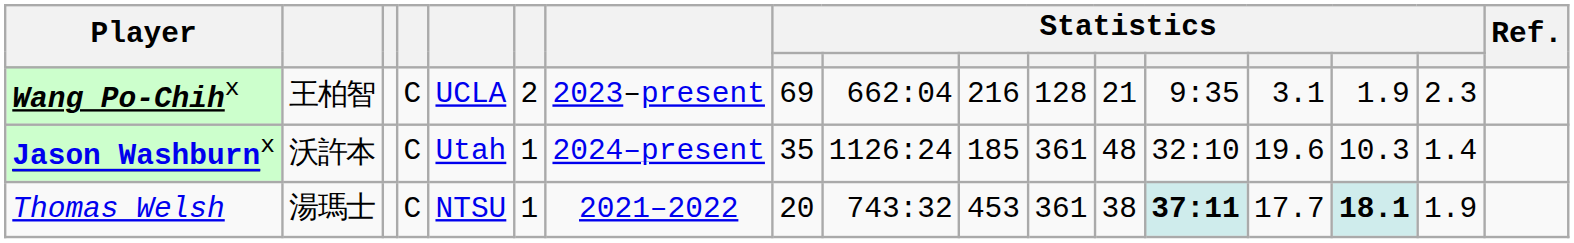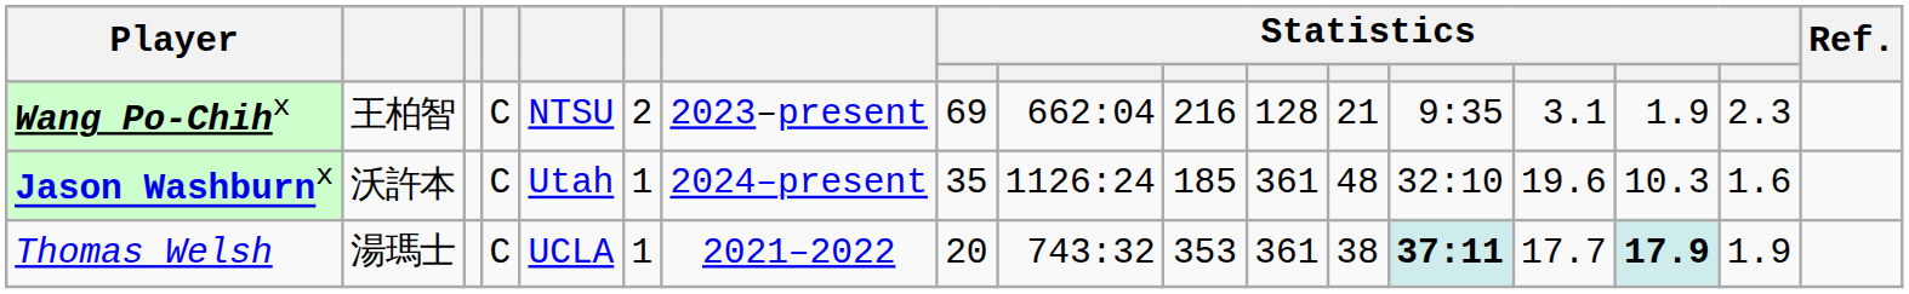 <table class="wikitable sortable" style="font-size:95%; text-align:right;">
 <tr>
 <th rowspan="2">Player</th>
 <th rowspan="2"></th>
 <th rowspan="2"></th>
 <th rowspan="2"></th>
 <th rowspan="2"></th>
 <th rowspan="2"></th>
 <th rowspan="2"></th>
 <th colspan="9">Statistics</th>
 <th rowspan="2">Ref.</th>
 </tr>
 <tr>
 <th></th>
 <th></th>
 <th></th>
 <th></th>
 <th></th>
 <th></th>
 <th></th>
 <th></th>
 <th></th>
 </tr>
 <tr>
 <td align="left" bgcolor="#CCFFCC"><u><strong><em>Wang Po-Chih</em></strong></u><sup>x</sup></td>
 <td align="left">王柏智</td>
 <td align="center"></td>
 <td align="center">C</td>
-<td align="left"><a href='#'>UCLA</a></td>
+<td align="left"><a href='#'>NTSU</a></td>
 <td align="center">2</td>
 <td align="center"><a href='#'>2023</a>–<a href='#'>present</a></td>
 <td>69</td>
 <td>662:04</td>
 <td>216</td>
 <td>128</td>
 <td>21</td>
 <td>9:35</td>
 <td>3.1</td>
 <td>1.9</td>
 <td>2.3</td>
 <td align="center"></td>
 </tr>
 <tr>
 <td align="left" bgcolor="#CCFFCC"><u><strong><a href='#'>Jason Washburn</a></strong></u><sup>x</sup></td>
 <td align="left">沃許本</td>
 <td align="center"></td>
 <td align="center">C</td>
 <td align="left"><a href='#'>Utah</a></td>
 <td align="center">1</td>
 <td align="center"><a href='#'>2024–present</a></td>
 <td>35</td>
 <td>1126:24</td>
 <td>185</td>
 <td>361</td>
 <td>48</td>
 <td>32:10</td>
 <td>19.6</td>
 <td>10.3</td>
-<td>1.4</td>
+<td>1.6</td>
 <td align="center"></td>
 </tr>
 <tr>
 <td align="left"><em><a href='#'>Thomas Welsh</a></em></td>
 <td align="left">湯瑪士</td>
 <td align="center"></td>
 <td align="center">C</td>
-<td align="left"><a href='#'>NTSU</a></td>
+<td align="left"><a href='#'>UCLA</a></td>
 <td align="center">1</td>
 <td align="center"><a href='#'>2021–2022</a></td>
 <td>20</td>
 <td>743:32</td>
-<td>453</td>
+<td>353</td>
 <td>361</td>
 <td>38</td>
 <td bgcolor="#CFECEC"><strong>37:11</strong></td>
 <td>17.7</td>
-<td bgcolor="#CFECEC"><strong>18.1</strong></td>
+<td bgcolor="#CFECEC"><strong>17.9</strong></td>
 <td>1.9</td>
 <td align="center"></td>
 </tr>
 </table>
